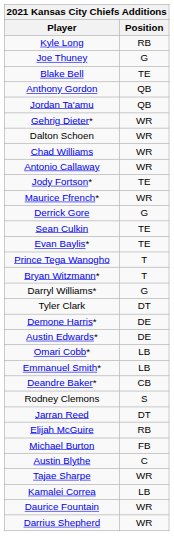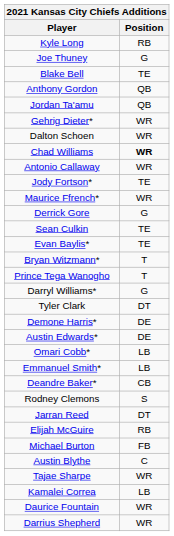 <table class="wikitable" style="text-align:center">
 <tr>
 <th colspan=2>2021 Kansas City Chiefs Additions</th>
 </tr>
 <tr>
 <th>Player</th>
 <th>Position</th>
 </tr>
 <tr>
 <td><a href='#'>Kyle Long</a></td>
 <td>RB</td>
 </tr>
 <tr>
 <td><a href='#'>Joe Thuney</a></td>
 <td>G</td>
 </tr>
 <tr>
 <td><a href='#'>Blake Bell</a></td>
 <td>TE</td>
 </tr>
 <tr>
 <td><a href='#'>Anthony Gordon</a></td>
 <td>QB</td>
 </tr>
 <tr>
 <td><a href='#'>Jordan Ta'amu</a></td>
 <td>QB</td>
 </tr>
 <tr>
 <td><a href='#'>Gehrig Dieter</a>*</td>
 <td>WR</td>
 </tr>
 <tr>
 <td>Dalton Schoen</td>
 <td>WR</td>
 </tr>
 <tr>
 <td><a href='#'>Chad Williams</a></td>
-<td>WR</td>
+<td><strong>WR</strong></td>
 </tr>
 <tr>
 <td><a href='#'>Antonio Callaway</a></td>
 <td>WR</td>
 </tr>
 <tr>
 <td><a href='#'>Jody Fortson</a>*</td>
 <td>TE</td>
 </tr>
 <tr>
 <td><a href='#'>Maurice Ffrench</a>*</td>
 <td>WR</td>
 </tr>
 <tr>
 <td><a href='#'>Derrick Gore</a></td>
 <td>G</td>
 </tr>
 <tr>
 <td><a href='#'>Sean Culkin</a></td>
 <td>TE</td>
 </tr>
 <tr>
 <td><a href='#'>Evan Baylis</a>*</td>
 <td>TE</td>
 </tr>
 <tr>
-<td><a href='#'>Prince Tega Wanogho</a></td>
+<td><a href='#'>Bryan Witzmann</a>*</td>
 <td>T</td>
 </tr>
 <tr>
-<td><a href='#'>Bryan Witzmann</a>*</td>
+<td><a href='#'>Prince Tega Wanogho</a></td>
 <td>T</td>
 </tr>
 <tr>
 <td>Darryl Williams*</td>
 <td>G</td>
 </tr>
 <tr>
 <td>Tyler Clark</td>
 <td>DT</td>
 </tr>
 <tr>
 <td><a href='#'>Demone Harris</a>*</td>
 <td>DE</td>
 </tr>
 <tr>
 <td><a href='#'>Austin Edwards</a>*</td>
 <td>DE</td>
 </tr>
 <tr>
 <td><a href='#'>Omari Cobb</a>*</td>
 <td>LB</td>
 </tr>
 <tr>
 <td><a href='#'>Emmanuel Smith</a>*</td>
 <td>LB</td>
 </tr>
 <tr>
 <td><a href='#'>Deandre Baker</a>*</td>
 <td>CB</td>
 </tr>
 <tr>
 <td>Rodney Clemons</td>
 <td>S</td>
 </tr>
 <tr>
 <td><a href='#'>Jarran Reed</a></td>
 <td>DT</td>
 </tr>
 <tr>
 <td><a href='#'>Elijah McGuire</a></td>
 <td>RB</td>
 </tr>
 <tr>
 <td><a href='#'>Michael Burton</a></td>
 <td>FB</td>
 </tr>
 <tr>
 <td><a href='#'>Austin Blythe</a></td>
 <td>C</td>
 </tr>
 <tr>
 <td><a href='#'>Tajae Sharpe</a></td>
 <td>WR</td>
 </tr>
 <tr>
 <td><a href='#'>Kamalei Correa</a></td>
 <td>LB</td>
 </tr>
 <tr>
 <td><a href='#'>Daurice Fountain</a></td>
 <td>WR</td>
 </tr>
 <tr>
 <td><a href='#'>Darrius Shepherd</a></td>
 <td>WR</td>
 </tr>
 </table>
